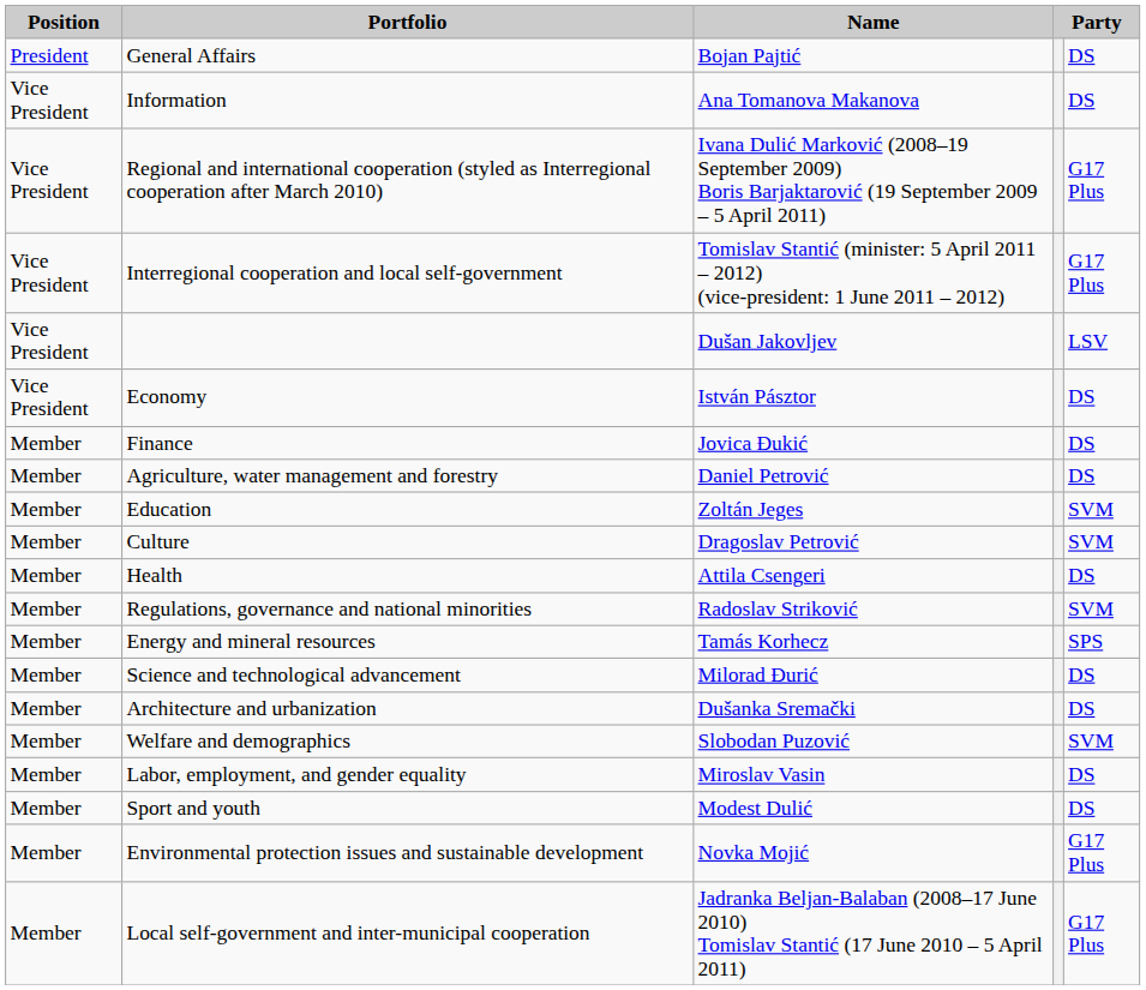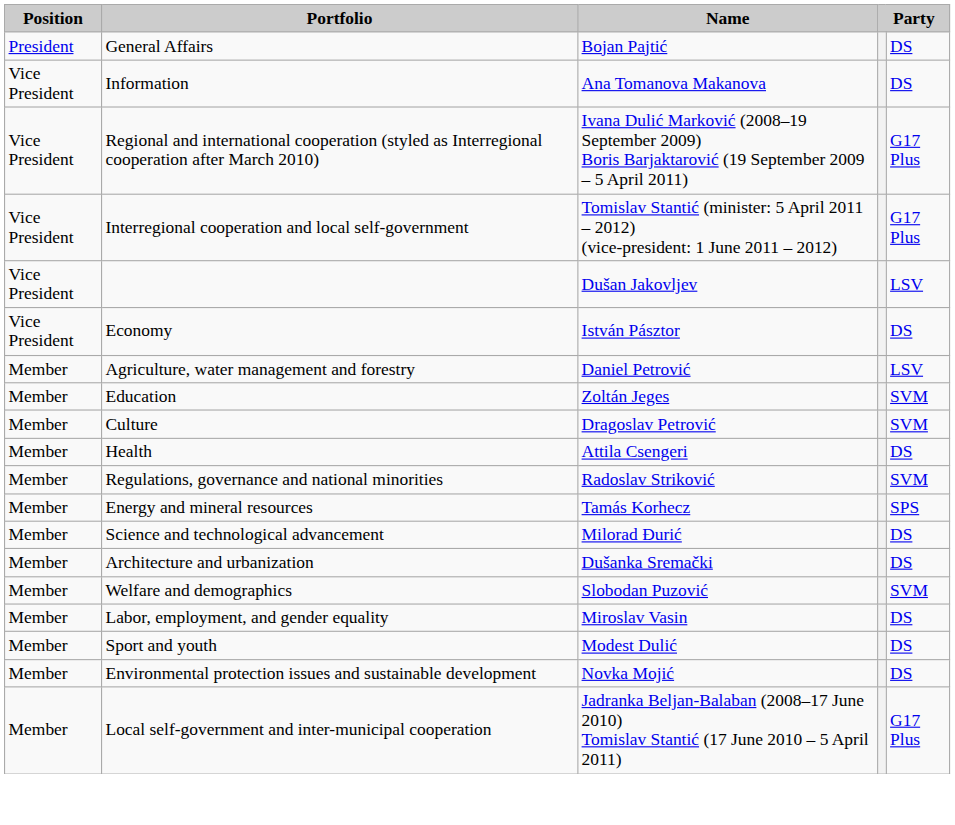 <table class="wikitable">
 <tr>
 <th colspan="1" style="background-color:#CCCCCC;">Position</th>
 <th colspan="1" style="background-color:#CCCCCC;">Portfolio</th>
 <th colspan="1" style="background-color:#CCCCCC;">Name</th>
 <th colspan="2" style="background-color:#CCCCCC;">Party</th>
 </tr>
 <tr>
 <td><a href='#'>President</a></td>
 <td>General Affairs</td>
 <td><a href='#'>Bojan Pajtić</a></td>
 <th style="background:"></th>
 <td><a href='#'>DS</a></td>
 </tr>
 <tr>
 <td>Vice President</td>
 <td>Information</td>
 <td><a href='#'>Ana Tomanova Makanova</a></td>
 <th style="background:"></th>
 <td><a href='#'>DS</a></td>
 </tr>
 <tr>
 <td>Vice President</td>
 <td>Regional and international cooperation (styled as Interregional cooperation after March 2010)</td>
 <td><a href='#'>Ivana Dulić Marković</a> (2008–19 September 2009)<br><a href='#'>Boris Barjaktarović</a> (19 September 2009 – 5 April 2011)</td>
 <th style="background:"></th>
 <td><a href='#'>G17 Plus</a></td>
 </tr>
 <tr>
 <td>Vice President</td>
 <td>Interregional cooperation and local self-government</td>
 <td><a href='#'>Tomislav Stantić</a> (minister: 5 April 2011 – 2012)<br>(vice-president: 1 June 2011 – 2012)</td>
 <th style="background:"></th>
 <td><a href='#'>G17 Plus</a></td>
 </tr>
 <tr>
 <td>Vice President</td>
 <td></td>
 <td><a href='#'>Dušan Jakovljev</a></td>
 <th style="background:"></th>
 <td><a href='#'>LSV</a></td>
 </tr>
 <tr>
 <td>Vice President</td>
 <td>Economy</td>
 <td><a href='#'>István Pásztor</a></td>
 <th style="background:"></th>
 <td><a href='#'>DS</a></td>
 </tr>
 <tr>
 <td>Member</td>
-<td>Finance</td>
-<td><a href='#'>Jovica Đukić</a></td>
-<th style="background:"></th>
-<td><a href='#'>DS</a></td>
-</tr>
-<tr>
-<td>Member</td>
 <td>Agriculture, water management and forestry</td>
 <td><a href='#'>Daniel Petrović</a></td>
 <th style="background:"></th>
-<td><a href='#'>DS</a></td>
+<td><a href='#'>LSV</a></td>
 </tr>
 <tr>
 <td>Member</td>
 <td>Education</td>
 <td><a href='#'>Zoltán Jeges</a></td>
 <th style="background:"></th>
 <td><a href='#'>SVM</a></td>
 </tr>
 <tr>
 <td>Member</td>
 <td>Culture</td>
 <td><a href='#'>Dragoslav Petrović</a></td>
 <th style="background:"></th>
 <td><a href='#'>SVM</a></td>
 </tr>
 <tr>
 <td>Member</td>
 <td>Health</td>
 <td><a href='#'>Attila Csengeri</a></td>
 <th style="background:"></th>
 <td><a href='#'>DS</a></td>
 </tr>
 <tr>
 <td>Member</td>
 <td>Regulations, governance and national minorities</td>
 <td><a href='#'>Radoslav Striković</a></td>
 <th style="background:"></th>
 <td><a href='#'>SVM</a></td>
 </tr>
 <tr>
 <td>Member</td>
 <td>Energy and mineral resources</td>
 <td><a href='#'>Tamás Korhecz</a></td>
 <th style="background:"></th>
 <td><a href='#'>SPS</a></td>
 </tr>
 <tr>
 <td>Member</td>
 <td>Science and technological advancement</td>
 <td><a href='#'>Milorad Đurić</a></td>
 <th style="background:"></th>
 <td><a href='#'>DS</a></td>
 </tr>
 <tr>
 <td>Member</td>
 <td>Architecture and urbanization</td>
 <td><a href='#'>Dušanka Sremački</a></td>
 <th style="background:"></th>
 <td><a href='#'>DS</a></td>
 </tr>
 <tr>
 <td>Member</td>
 <td>Welfare and demographics</td>
 <td><a href='#'>Slobodan Puzović</a></td>
 <th style="background:"></th>
 <td><a href='#'>SVM</a></td>
 </tr>
 <tr>
 <td>Member</td>
 <td>Labor, employment, and gender equality</td>
 <td><a href='#'>Miroslav Vasin</a></td>
 <th style="background:"></th>
 <td><a href='#'>DS</a></td>
 </tr>
 <tr>
 <td>Member</td>
 <td>Sport and youth</td>
 <td><a href='#'>Modest Dulić</a></td>
 <th style="background:"></th>
 <td><a href='#'>DS</a></td>
 </tr>
 <tr>
 <td>Member</td>
 <td>Environmental protection issues and sustainable development</td>
 <td><a href='#'>Novka Mojić</a></td>
 <th style="background:"></th>
-<td><a href='#'>G17 Plus</a></td>
+<td><a href='#'>DS</a></td>
 </tr>
 <tr>
 <td>Member</td>
 <td>Local self-government and inter-municipal cooperation</td>
 <td><a href='#'>Jadranka Beljan-Balaban</a> (2008–17 June 2010)<br><a href='#'>Tomislav Stantić</a> (17 June 2010 – 5 April 2011)</td>
 <th style="background:"></th>
 <td><a href='#'>G17 Plus</a></td>
 </tr>
 </table>
